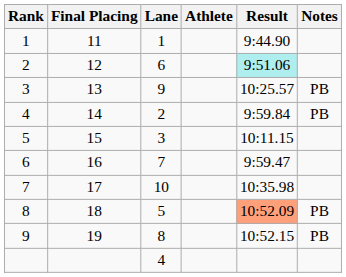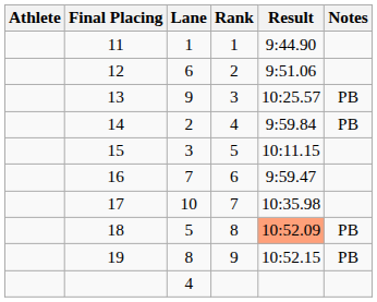 <table class="wikitable sortable" style="text-align:center">
 <tr>
-<th>Rank</th>
+<th>Athlete</th>
 <th>Final Placing</th>
 <th>Lane</th>
-<th>Athlete</th>
+<th>Rank</th>
 <th>Result</th>
 <th>Notes</th>
 </tr>
 <tr>
-<td>1</td>
+<td align=left></td>
 <td>11</td>
 <td>1</td>
-<td align=left></td>
+<td>1</td>
 <td>9:44.90</td>
 <td></td>
 </tr>
 <tr>
-<td>2</td>
+<td align=left></td>
 <td>12</td>
 <td>6</td>
-<td align=left></td>
-<td style="background: paleturquoise;">9:51.06</td>
+<td>2</td>
+<td>9:51.06</td>
 <td></td>
 </tr>
 <tr>
-<td>3</td>
+<td align=left></td>
 <td>13</td>
 <td>9</td>
-<td align=left></td>
+<td>3</td>
 <td>10:25.57</td>
 <td>PB</td>
 </tr>
 <tr>
-<td>4</td>
+<td align=left></td>
 <td>14</td>
 <td>2</td>
-<td align=left></td>
+<td>4</td>
 <td>9:59.84</td>
 <td>PB</td>
 </tr>
 <tr>
-<td>5</td>
+<td align=left></td>
 <td>15</td>
 <td>3</td>
-<td align=left></td>
+<td>5</td>
 <td>10:11.15</td>
 <td></td>
 </tr>
 <tr>
-<td>6</td>
+<td align=left></td>
 <td>16</td>
 <td>7</td>
-<td align=left></td>
+<td>6</td>
 <td>9:59.47</td>
 <td></td>
 </tr>
 <tr>
-<td>7</td>
+<td align=left></td>
 <td>17</td>
 <td>10</td>
-<td align=left></td>
+<td>7</td>
 <td>10:35.98</td>
 <td></td>
 </tr>
 <tr>
-<td>8</td>
+<td align=left></td>
 <td>18</td>
 <td>5</td>
-<td align=left></td>
+<td>8</td>
 <td style="background: lightsalmon;">10:52.09</td>
 <td>PB</td>
 </tr>
 <tr>
-<td>9</td>
+<td align=left></td>
 <td>19</td>
 <td>8</td>
-<td align=left></td>
+<td>9</td>
 <td>10:52.15</td>
 <td>PB</td>
 </tr>
 <tr>
-<td></td>
+<td align=left></td>
 <td></td>
 <td>4</td>
-<td align=left></td>
+<td></td>
 <td></td>
 <td></td>
 </tr>
 </table>
